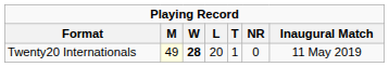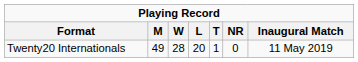 <table class="wikitable" style="text-align: center; width: 500px;">
 <tr>
 <td colspan=7 align="center"><strong>Playing Record</strong></td>
 </tr>
 <tr>
 <th>Format</th>
 <th>M</th>
 <th>W</th>
 <th>L</th>
 <th>T</th>
 <th>NR</th>
 <th>Inaugural Match</th>
 </tr>
 <tr>
 <td align="left">Twenty20 Internationals</td>
-<td style="background: lightyellow;">49</td>
-<td><strong>28</strong></td>
+<td>49</td>
+<td>28</td>
 <td>20</td>
 <td>1</td>
 <td>0</td>
 <td>11 May 2019</td>
 </tr>
 </table>
